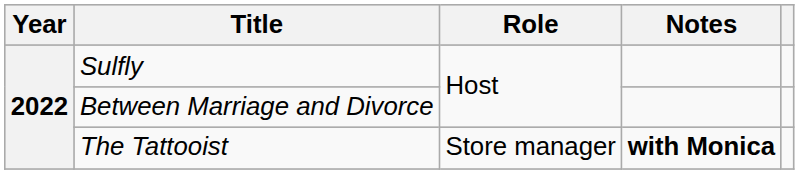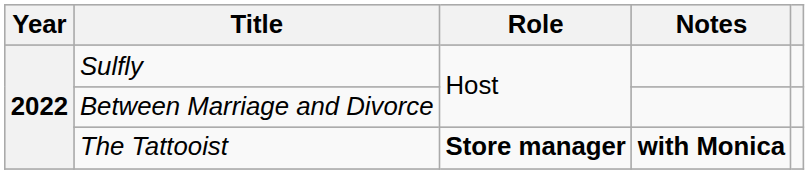 <table class="wikitable plainrowheaders">
 <tr>
 <th scope="col">Year</th>
 <th scope="col">Title</th>
 <th scope="col">Role</th>
 <th>Notes</th>
 <th scope="col" class="unsortable"></th>
 </tr>
 <tr>
 <th scope="row" rowspan=3>2022</th>
 <td><em>Sulfly</em></td>
 <td rowspan=2>Host</td>
 <td></td>
 <td></td>
 </tr>
 <tr>
 <td><em>Between Marriage and Divorce</em></td>
 <td></td>
 <td></td>
 </tr>
 <tr>
 <td><em>The Tattooist</em></td>
-<td>Store manager</td>
+<td><strong>Store manager</strong></td>
 <td><strong>with Monica</strong></td>
 <td></td>
 </tr>
 </table>
